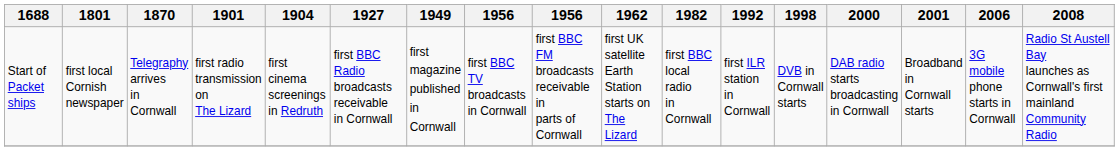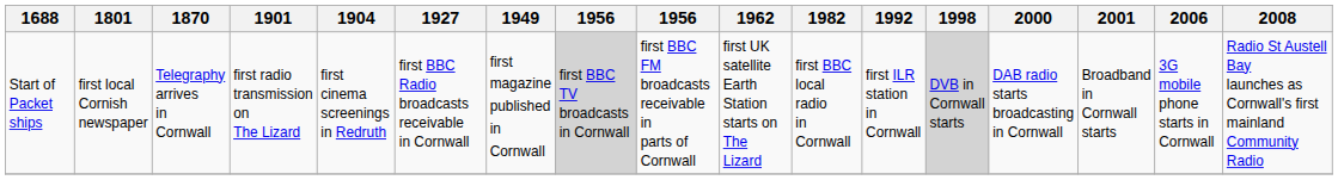 <table class="wikitable">
 <tr>
 <th>1688</th>
 <th>1801</th>
 <th>1870</th>
 <th>1901</th>
 <th>1904</th>
 <th>1927</th>
 <th>1949</th>
 <th>1956</th>
 <th>1956</th>
 <th>1962</th>
 <th>1982</th>
 <th>1992</th>
 <th>1998</th>
 <th>2000</th>
 <th>2001</th>
 <th>2006</th>
 <th>2008</th>
 </tr>
 <tr>
 <td><small>Start of<br> <a href='#'>Packet ships</a></small></td>
 <td><small>first local <br>Cornish <br>newspaper</small></td>
 <td><small><a href='#'>Telegraphy</a> <br>arrives<br> in Cornwall</small></td>
 <td><small>first radio <br>transmission<br>on<br><a href='#'>The Lizard</a></small></td>
 <td><small>first cinema<br>screenings<br>in <a href='#'>Redruth</a></small></td>
 <td><small>first <a href='#'>BBC Radio</a> <br>broadcasts <br> receivable <br>in Cornwall</small></td>
 <td><sub>first <br>magazine<br>published <br>in<br>Cornwall</sub></td>
-<td><small>first <a href='#'>BBC TV</a> <br>broadcasts <br>in Cornwall</small></td>
+<td style="background: lightgrey;"><small>first <a href='#'>BBC TV</a> <br>broadcasts <br>in Cornwall</small></td>
 <td><small>first <a href='#'>BBC</a> <a href='#'>FM</a> <br>broadcasts<br>receivable in <br>parts of<br>Cornwall</small></td>
 <td><small>first UK<br>satellite <br>Earth Station<br> starts on<br><a href='#'>The Lizard</a></small></td>
 <td><small>first <a href='#'>BBC</a> <br>local radio <br>in Cornwall</small></td>
 <td><small>first <a href='#'>ILR</a> <br>station in<br>Cornwall</small></td>
-<td><small><a href='#'>DVB</a> in <br>Cornwall <br>starts</small></td>
+<td style="background: lightgrey;"><small><a href='#'>DVB</a> in <br>Cornwall <br>starts</small></td>
 <td><small><a href='#'>DAB radio</a> <br>starts <br>broadcasting<br>in Cornwall</small></td>
 <td><small>Broadband<br> in <br> Cornwall<br> starts</small></td>
 <td><small><a href='#'>3G mobile</a> <br>phone <br> starts in<br> Cornwall</small></td>
 <td><small><a href='#'>Radio St Austell Bay</a> <br>launches as <br> Cornwall's first<br> mainland <a href='#'>Community <br> Radio</a></small></td>
 </tr>
 <tr>
 </tr>
 </table>
